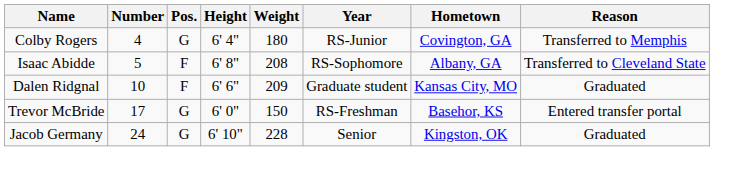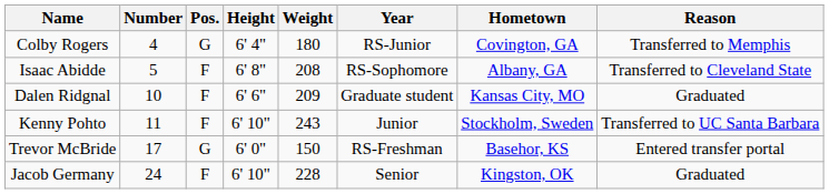 <table class="wikitable sortable" border="1" style="text-align:center;">
 <tr align=center>
 <th>Name</th>
 <th>Number</th>
 <th>Pos.</th>
 <th>Height</th>
 <th>Weight</th>
 <th>Year</th>
 <th>Hometown</th>
 <th>Reason</th>
 </tr>
 <tr>
 <td>Colby Rogers</td>
 <td>4</td>
 <td>G</td>
 <td>6' 4"</td>
 <td>180</td>
 <td>RS-Junior</td>
 <td><a href='#'>Covington, GA</a></td>
 <td>Transferred to <a href='#'>Memphis</a></td>
 </tr>
 <tr>
 <td>Isaac Abidde</td>
 <td>5</td>
 <td>F</td>
 <td>6' 8"</td>
 <td>208</td>
 <td>RS-Sophomore</td>
 <td><a href='#'>Albany, GA</a></td>
 <td>Transferred to <a href='#'>Cleveland State</a></td>
 </tr>
 <tr>
 <td>Dalen Ridgnal</td>
 <td>10</td>
 <td>F</td>
 <td>6' 6"</td>
 <td>209</td>
 <td>Graduate student</td>
 <td><a href='#'>Kansas City, MO</a></td>
 <td>Graduated</td>
 </tr>
 <tr>
+<td>Kenny Pohto</td>
+<td>11</td>
+<td>F</td>
+<td>6' 10"</td>
+<td>243</td>
+<td>Junior</td>
+<td><a href='#'>Stockholm, Sweden</a></td>
+<td>Transferred to <a href='#'>UC Santa Barbara</a></td>
+</tr>
+<tr>
 <td>Trevor McBride</td>
 <td>17</td>
 <td>G</td>
 <td>6' 0"</td>
 <td>150</td>
 <td>RS-Freshman</td>
 <td><a href='#'>Basehor, KS</a></td>
 <td>Entered transfer portal</td>
 </tr>
 <tr>
 <td>Jacob Germany</td>
 <td>24</td>
-<td>G</td>
+<td>F</td>
 <td>6' 10"</td>
 <td>228</td>
 <td>Senior</td>
 <td><a href='#'>Kingston, OK</a></td>
 <td>Graduated</td>
 </tr>
 </table>
